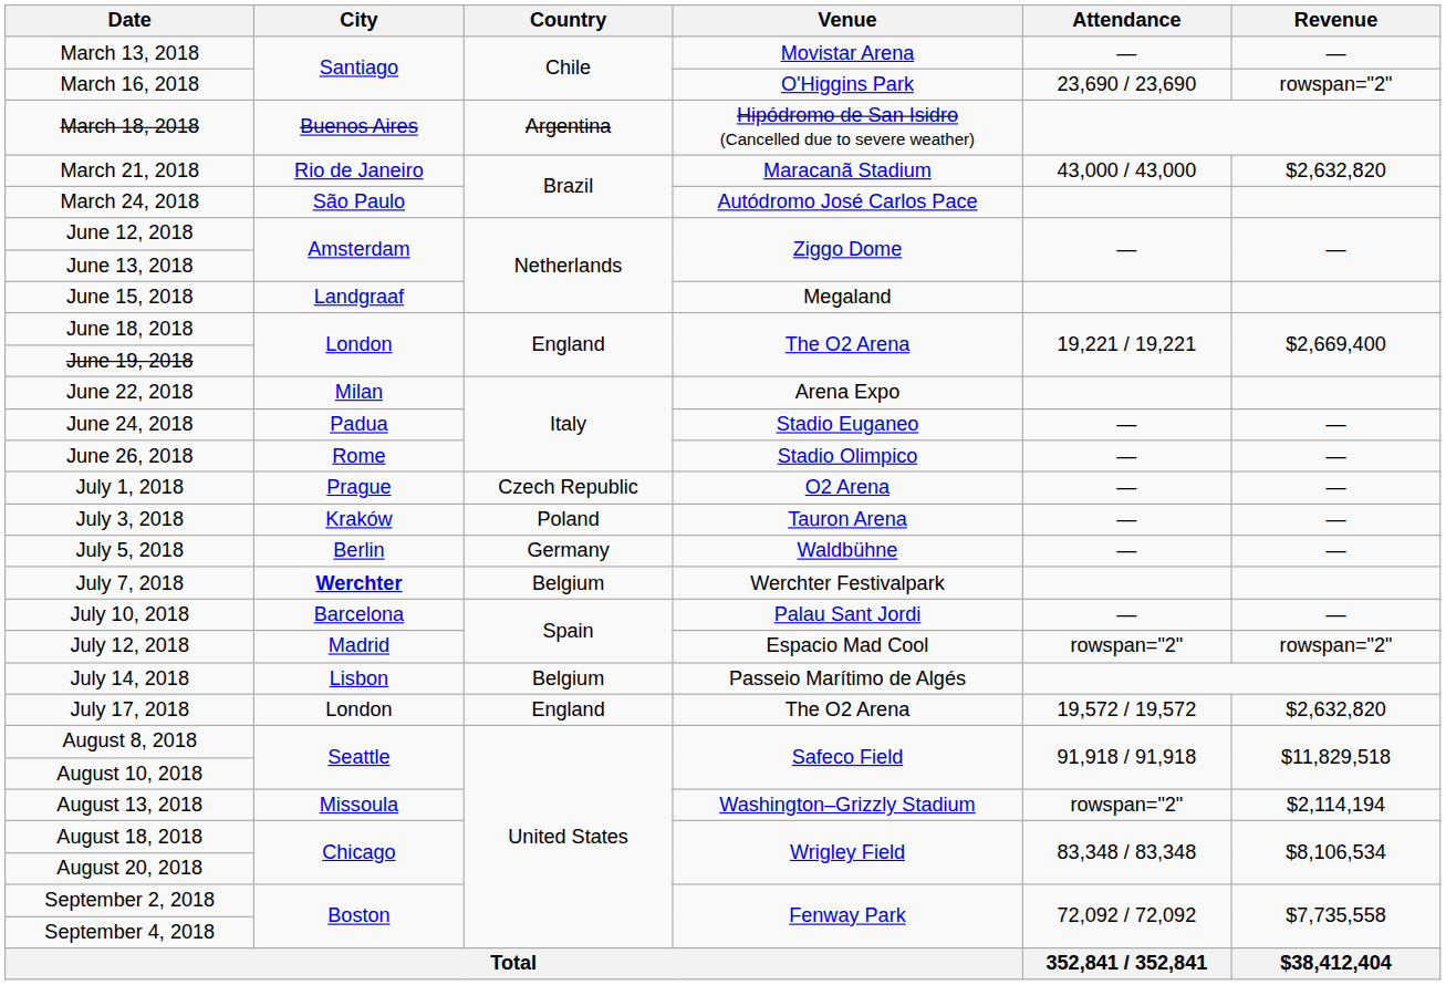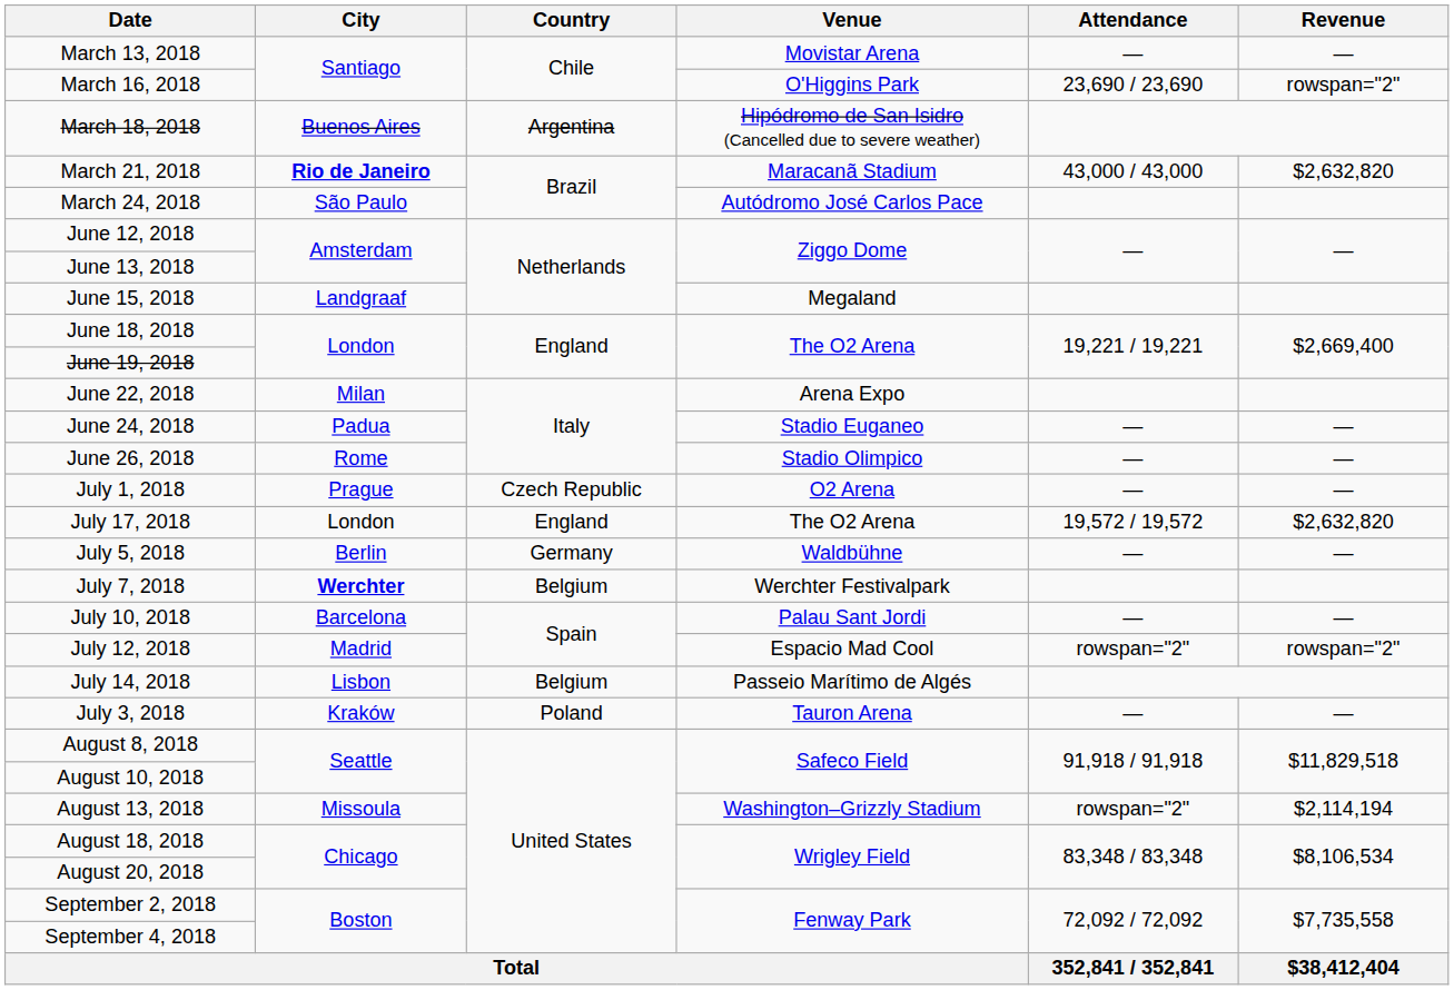 <table class="wikitable" style="text-align:center;">
 <tr>
 <th scope="col" style="width:12em;">Date</th>
 <th scope="col" style="width:10em;">City</th>
 <th scope="col" style="width:10em;">Country</th>
 <th scope="col" style="width:17em;">Venue</th>
 <th scope="col" style="width:10em;">Attendance</th>
 <th scope="col" style="width:10em;">Revenue</th>
 </tr>
 <tr>
 <td>March 13, 2018</td>
 <td rowspan="2"><a href='#'>Santiago</a></td>
 <td rowspan="2">Chile</td>
 <td><a href='#'>Movistar Arena</a></td>
 <td>—</td>
 <td>—</td>
 </tr>
 <tr>
 <td>March 16, 2018</td>
 <td><a href='#'>O'Higgins Park</a></td>
 <td>23,690 / 23,690</td>
 <td>rowspan="2" </td>
 </tr>
 <tr>
 <td><s>March 18, 2018</s></td>
 <td><s><a href='#'>Buenos Aires</a></s></td>
 <td><s>Argentina</s></td>
 <td><s><a href='#'>Hipódromo de San Isidro</a></s><br><small>(Cancelled due to severe weather)</small></td>
 </tr>
 <tr>
 <td>March 21, 2018</td>
-<td><a href='#'>Rio de Janeiro</a></td>
+<td><strong><a href='#'>Rio de Janeiro</a></strong></td>
 <td rowspan="2">Brazil</td>
 <td><a href='#'>Maracanã Stadium</a></td>
 <td>43,000 / 43,000</td>
 <td>$2,632,820</td>
 </tr>
 <tr>
 <td>March 24, 2018</td>
 <td><a href='#'>São Paulo</a></td>
 <td><a href='#'>Autódromo José Carlos Pace</a></td>
 <td></td>
 <td></td>
 </tr>
 <tr>
 <td>June 12, 2018</td>
 <td rowspan="2"><a href='#'>Amsterdam</a></td>
 <td rowspan="3">Netherlands</td>
 <td rowspan="2"><a href='#'>Ziggo Dome</a></td>
 <td rowspan="2">—</td>
 <td rowspan="2">—</td>
 </tr>
 <tr>
 <td>June 13, 2018</td>
 </tr>
 <tr>
 <td>June 15, 2018</td>
 <td><a href='#'>Landgraaf</a></td>
 <td>Megaland</td>
 <td></td>
 <td></td>
 </tr>
 <tr>
 <td>June 18, 2018</td>
 <td rowspan="2"><a href='#'>London</a></td>
 <td rowspan="2">England</td>
 <td rowspan="2"><a href='#'>The O2 Arena</a></td>
 <td rowspan="2">19,221 / 19,221</td>
 <td rowspan="2">$2,669,400</td>
 </tr>
 <tr>
 <td><s>June 19, 2018</s></td>
 </tr>
 <tr>
 <td>June 22, 2018</td>
 <td><a href='#'>Milan</a></td>
 <td rowspan="3">Italy</td>
 <td>Arena Expo</td>
 <td></td>
 <td></td>
 </tr>
 <tr>
 <td>June 24, 2018</td>
 <td><a href='#'>Padua</a></td>
 <td><a href='#'>Stadio Euganeo</a></td>
 <td>—</td>
 <td>—</td>
 </tr>
 <tr>
 <td>June 26, 2018</td>
 <td><a href='#'>Rome</a></td>
 <td><a href='#'>Stadio Olimpico</a></td>
 <td>—</td>
 <td>—</td>
 </tr>
 <tr>
 <td>July 1, 2018</td>
 <td><a href='#'>Prague</a></td>
 <td>Czech Republic</td>
 <td><a href='#'>O2 Arena</a></td>
 <td>—</td>
 <td>—</td>
 </tr>
 <tr>
-<td>July 3, 2018</td>
-<td><a href='#'>Kraków</a></td>
-<td>Poland</td>
-<td><a href='#'>Tauron Arena</a></td>
-<td>—</td>
-<td>—</td>
+<td>July 17, 2018</td>
+<td>London</td>
+<td>England</td>
+<td>The O2 Arena</td>
+<td>19,572 / 19,572</td>
+<td>$2,632,820</td>
 </tr>
 <tr>
 <td>July 5, 2018</td>
 <td><a href='#'>Berlin</a></td>
 <td>Germany</td>
 <td><a href='#'>Waldbühne</a></td>
 <td>—</td>
 <td>—</td>
 </tr>
 <tr>
 <td>July 7, 2018</td>
 <td><strong><a href='#'>Werchter</a></strong></td>
 <td>Belgium</td>
 <td>Werchter Festivalpark</td>
 <td></td>
 <td></td>
 </tr>
 <tr>
 <td>July 10, 2018</td>
 <td><a href='#'>Barcelona</a></td>
 <td rowspan="2">Spain</td>
 <td><a href='#'>Palau Sant Jordi</a></td>
 <td>—</td>
 <td>—</td>
 </tr>
 <tr>
 <td>July 12, 2018</td>
 <td><a href='#'>Madrid</a></td>
 <td>Espacio Mad Cool</td>
 <td>rowspan="2" </td>
 <td>rowspan="2" </td>
 </tr>
 <tr>
 <td>July 14, 2018</td>
 <td><a href='#'>Lisbon</a></td>
 <td>Belgium</td>
 <td>Passeio Marítimo de Algés</td>
 </tr>
 <tr>
-<td>July 17, 2018</td>
-<td>London</td>
-<td>England</td>
-<td>The O2 Arena</td>
-<td>19,572 / 19,572</td>
-<td>$2,632,820</td>
+<td>July 3, 2018</td>
+<td><a href='#'>Kraków</a></td>
+<td>Poland</td>
+<td><a href='#'>Tauron Arena</a></td>
+<td>—</td>
+<td>—</td>
 </tr>
 <tr>
 <td>August 8, 2018</td>
 <td rowspan="2"><a href='#'>Seattle</a></td>
 <td rowspan="7">United States</td>
 <td rowspan="2"><a href='#'>Safeco Field</a></td>
 <td rowspan="2">91,918 / 91,918</td>
 <td rowspan="2">$11,829,518</td>
 </tr>
 <tr>
 <td>August 10, 2018</td>
 </tr>
 <tr>
 <td>August 13, 2018</td>
 <td><a href='#'>Missoula</a></td>
 <td><a href='#'>Washington–Grizzly Stadium</a></td>
 <td>rowspan="2" </td>
 <td>$2,114,194</td>
 </tr>
 <tr>
 <td>August 18, 2018</td>
 <td rowspan="2"><a href='#'>Chicago</a></td>
 <td rowspan="2"><a href='#'>Wrigley Field</a></td>
 <td rowspan="2">83,348 / 83,348</td>
 <td rowspan="2">$8,106,534</td>
 </tr>
 <tr>
 <td>August 20, 2018</td>
 </tr>
 <tr>
 <td>September 2, 2018</td>
 <td rowspan="2"><a href='#'>Boston</a></td>
 <td rowspan="2"><a href='#'>Fenway Park</a></td>
 <td rowspan="2">72,092 / 72,092</td>
 <td rowspan="2">$7,735,558</td>
 </tr>
 <tr>
 <td>September 4, 2018</td>
 </tr>
 <tr>
 <th colspan="4">Total</th>
 <th>352,841 / 352,841</th>
 <th>$38,412,404</th>
 </tr>
 </table>
